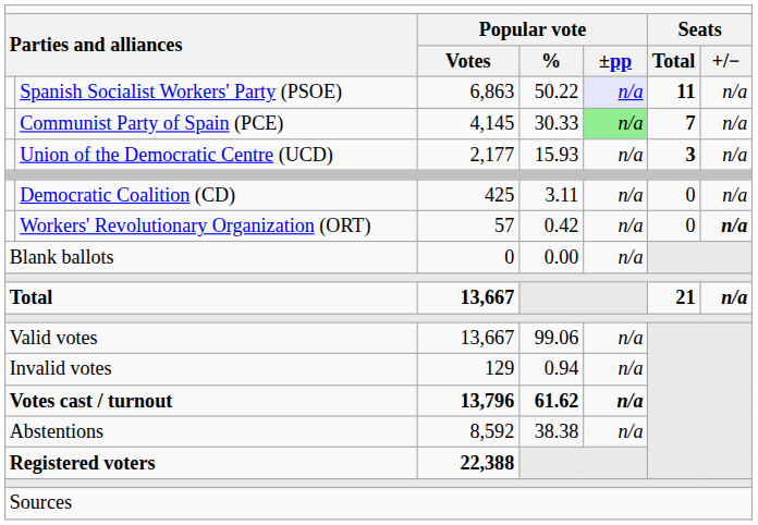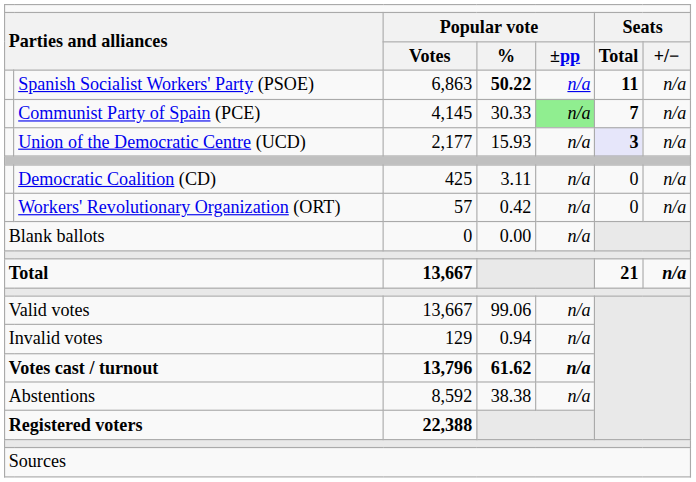 <table class="wikitable" style="text-align:right;">
 <tr>
 <td colspan="7"></td>
 </tr>
 <tr>
 <th style="text-align:left;" rowspan="2" colspan="2" width="525">Parties and alliances</th>
 <th colspan="3">Popular vote</th>
 <th colspan="2">Seats</th>
 </tr>
 <tr>
 <th width="75">Votes</th>
 <th width="45">%</th>
 <th width="45">±<a href='#'>pp</a></th>
 <th width="35">Total</th>
 <th width="35">+/−</th>
 </tr>
 <tr>
 <td width="1" style="color:inherit;background:"></td>
 <td align="left"><a href='#'>Spanish Socialist Workers' Party</a> (PSOE)</td>
 <td>6,863</td>
-<td>50.22</td>
-<td style="background: lavender;"><em><a href='#'>n/a</a></em></td>
+<td><strong>50.22</strong></td>
+<td><em><a href='#'>n/a</a></em></td>
 <td><strong>11</strong></td>
 <td><em>n/a</em></td>
 </tr>
 <tr>
 <td style="color:inherit;background:"></td>
 <td align="left"><a href='#'>Communist Party of Spain</a> (PCE)</td>
 <td>4,145</td>
 <td>30.33</td>
 <td style="background: lightgreen;"><em>n/a</em></td>
 <td><strong>7</strong></td>
 <td><em>n/a</em></td>
 </tr>
 <tr>
 <td style="color:inherit;background:"></td>
 <td align="left"><a href='#'>Union of the Democratic Centre</a> (UCD)</td>
 <td>2,177</td>
 <td>15.93</td>
 <td><em>n/a</em></td>
-<td><strong>3</strong></td>
+<td style="background: lavender;"><strong>3</strong></td>
 <td><em>n/a</em></td>
 </tr>
 <tr>
 <td colspan="7" bgcolor="#C0C0C0"></td>
 </tr>
 <tr>
 <td style="color:inherit;background:"></td>
 <td align="left"><a href='#'>Democratic Coalition</a> (CD)</td>
 <td>425</td>
 <td>3.11</td>
 <td><em>n/a</em></td>
 <td>0</td>
 <td><em>n/a</em></td>
 </tr>
 <tr>
 <td style="color:inherit;background:"></td>
 <td align="left"><a href='#'>Workers' Revolutionary Organization</a> (ORT)</td>
 <td>57</td>
 <td>0.42</td>
 <td><em>n/a</em></td>
 <td>0</td>
-<td><strong><em>n/a</em></strong></td>
+<td><em>n/a</em></td>
 </tr>
 <tr>
 <td align="left" colspan="2">Blank ballots</td>
 <td>0</td>
 <td>0.00</td>
 <td><em>n/a</em></td>
 <td bgcolor="#E9E9E9" colspan="2"></td>
 </tr>
 <tr>
 <td colspan="7" bgcolor="#E9E9E9"></td>
 </tr>
 <tr style="font-weight:bold;">
 <td align="left" colspan="2">Total</td>
 <td>13,667</td>
 <td bgcolor="#E9E9E9" colspan="2"></td>
 <td>21</td>
 <td><em>n/a</em></td>
 </tr>
 <tr>
 <td colspan="7" bgcolor="#E9E9E9"></td>
 </tr>
 <tr>
 <td align="left" colspan="2">Valid votes</td>
 <td>13,667</td>
 <td>99.06</td>
 <td><em>n/a</em></td>
 <td bgcolor="#E9E9E9" colspan="2" rowspan="5"></td>
 </tr>
 <tr>
 <td align="left" colspan="2">Invalid votes</td>
 <td>129</td>
 <td>0.94</td>
 <td><em>n/a</em></td>
 </tr>
 <tr style="font-weight:bold;">
 <td align="left" colspan="2">Votes cast / turnout</td>
 <td>13,796</td>
 <td>61.62</td>
 <td><em>n/a</em></td>
 </tr>
 <tr>
 <td align="left" colspan="2">Abstentions</td>
 <td>8,592</td>
 <td>38.38</td>
 <td><em>n/a</em></td>
 </tr>
 <tr style="font-weight:bold;">
 <td align="left" colspan="2">Registered voters</td>
 <td>22,388</td>
 <td bgcolor="#E9E9E9" colspan="2"></td>
 </tr>
 <tr>
 <td colspan="7" bgcolor="#E9E9E9"></td>
 </tr>
 <tr>
 <td align="left" colspan="7">Sources</td>
 </tr>
 </table>
